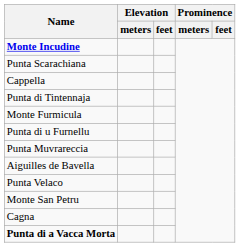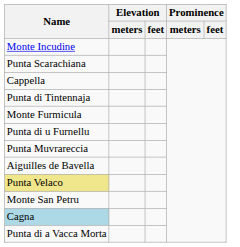 <table class="wikitable sortable">
 <tr>
 <th rowspan=2>Name</th>
 <th colspan=2>Elevation</th>
 <th colspan=2>Prominence</th>
 </tr>
 <tr>
 <th>meters</th>
 <th>feet</th>
 <th>meters</th>
 <th>feet</th>
 </tr>
 <tr>
-<td><strong><a href='#'>Monte Incudine</a></strong></td>
+<td><a href='#'>Monte Incudine</a></td>
 <td></td>
 <td></td>
 </tr>
 <tr>
 <td>Punta Scarachiana</td>
 <td></td>
 <td></td>
 </tr>
 <tr>
 <td Punta del>Cappella</td>
 <td></td>
 <td></td>
 </tr>
 <tr>
 <td>Punta di Tintennaja</td>
 <td></td>
 <td></td>
 </tr>
 <tr>
 <td>Monte Furmicula</td>
 <td></td>
 <td></td>
 </tr>
 <tr>
 <td>Punta di u Furnellu</td>
 <td></td>
 <td></td>
 </tr>
 <tr>
 <td>Punta Muvrareccia</td>
 <td></td>
 <td></td>
 </tr>
 <tr>
 <td>Aiguilles de Bavella</td>
 <td></td>
 <td></td>
 </tr>
 <tr>
-<td>Punta Velaco</td>
+<td style="background: khaki;">Punta Velaco</td>
 <td></td>
 <td></td>
 </tr>
 <tr>
 <td>Monte San Petru</td>
 <td></td>
 <td></td>
 </tr>
 <tr>
-<td>Cagna</td>
+<td style="background: lightblue;">Cagna</td>
 <td></td>
 <td></td>
 </tr>
 <tr>
-<td><strong>Punta di a Vacca Morta</strong></td>
+<td>Punta di a Vacca Morta</td>
 <td></td>
 <td></td>
 </tr>
 </table>
